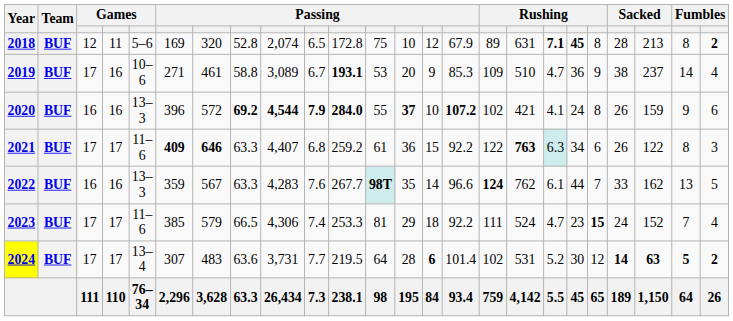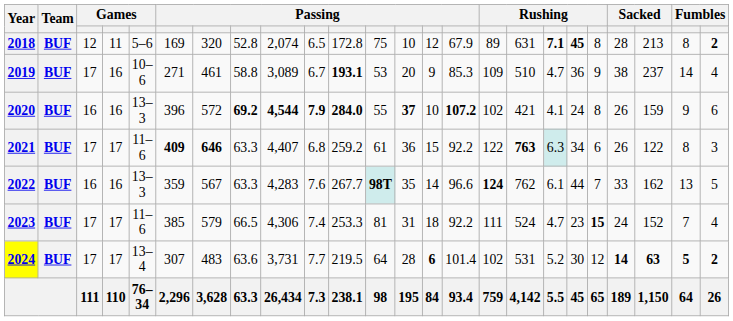 <table class="wikitable" style="text-align:center;">
 <tr>
 <th rowspan="2">Year</th>
 <th rowspan="2">Team</th>
 <th colspan="3">Games</th>
 <th colspan="10">Passing</th>
 <th colspan="5">Rushing</th>
 <th colspan="2">Sacked</th>
 <th colspan="2">Fumbles</th>
 </tr>
 <tr>
 <th></th>
 <th></th>
 <th></th>
 <th></th>
 <th></th>
 <th></th>
 <th></th>
 <th></th>
 <th></th>
 <th></th>
 <th></th>
 <th></th>
 <th></th>
 <th></th>
 <th></th>
 <th></th>
 <th></th>
 <th></th>
 <th></th>
 <th></th>
 <th></th>
 <th></th>
 </tr>
 <tr>
 <th><a href='#'>2018</a></th>
 <th><a href='#'>BUF</a></th>
 <td>12</td>
 <td>11</td>
 <td>5–6</td>
 <td>169</td>
 <td>320</td>
 <td>52.8</td>
 <td>2,074</td>
 <td>6.5</td>
 <td>172.8</td>
 <td>75</td>
 <td>10</td>
 <td>12</td>
 <td>67.9</td>
 <td>89</td>
 <td>631</td>
 <td><strong>7.1</strong></td>
 <td><strong>45</strong></td>
 <td>8</td>
 <td>28</td>
 <td>213</td>
 <td>8</td>
 <td><strong>2</strong></td>
 </tr>
 <tr>
 <th><a href='#'>2019</a></th>
 <th><a href='#'>BUF</a></th>
 <td>17</td>
 <td>16</td>
 <td>10–6</td>
 <td>271</td>
 <td>461</td>
 <td>58.8</td>
 <td>3,089</td>
 <td>6.7</td>
 <td><strong>193.1</strong></td>
 <td>53</td>
 <td>20</td>
 <td>9</td>
 <td>85.3</td>
 <td>109</td>
 <td>510</td>
 <td>4.7</td>
 <td>36</td>
 <td>9</td>
 <td>38</td>
 <td>237</td>
 <td>14</td>
 <td>4</td>
 </tr>
 <tr>
 <th><a href='#'>2020</a></th>
 <th><a href='#'>BUF</a></th>
 <td>16</td>
 <td>16</td>
 <td>13–3</td>
 <td>396</td>
 <td>572</td>
 <td><strong>69.2</strong></td>
 <td><strong>4,544</strong></td>
 <td><strong>7.9</strong></td>
 <td><strong>284.0</strong></td>
 <td>55</td>
 <td><strong>37</strong></td>
 <td>10</td>
 <td><strong>107.2</strong></td>
 <td>102</td>
 <td>421</td>
 <td>4.1</td>
 <td>24</td>
 <td>8</td>
 <td>26</td>
 <td>159</td>
 <td>9</td>
 <td>6</td>
 </tr>
 <tr>
 <th><a href='#'>2021</a></th>
 <th><a href='#'>BUF</a></th>
 <td>17</td>
 <td>17</td>
 <td>11–6</td>
 <td><strong>409</strong></td>
 <td><strong>646</strong></td>
 <td>63.3</td>
 <td>4,407</td>
 <td>6.8</td>
 <td>259.2</td>
 <td>61</td>
 <td>36</td>
 <td>15</td>
 <td>92.2</td>
 <td>122</td>
 <td><strong>763</strong></td>
 <td style="background:#cfecec;">6.3</td>
 <td>34</td>
 <td>6</td>
 <td>26</td>
 <td>122</td>
 <td>8</td>
 <td>3</td>
 </tr>
 <tr>
 <th><a href='#'>2022</a></th>
 <th><a href='#'>BUF</a></th>
 <td>16</td>
 <td>16</td>
 <td>13–3</td>
 <td>359</td>
 <td>567</td>
 <td>63.3</td>
 <td>4,283</td>
 <td>7.6</td>
 <td>267.7</td>
 <td style="background:#cfecec;"><strong>98T</strong></td>
 <td>35</td>
 <td>14</td>
 <td>96.6</td>
 <td><strong>124</strong></td>
 <td>762</td>
 <td>6.1</td>
 <td>44</td>
 <td>7</td>
 <td>33</td>
 <td>162</td>
 <td>13</td>
 <td>5</td>
 </tr>
 <tr>
 <th><a href='#'>2023</a></th>
 <th><a href='#'>BUF</a></th>
 <td>17</td>
 <td>17</td>
 <td>11–6</td>
 <td>385</td>
 <td>579</td>
 <td>66.5</td>
 <td>4,306</td>
 <td>7.4</td>
 <td>253.3</td>
 <td>81</td>
-<td>29</td>
+<td>31</td>
 <td>18</td>
 <td>92.2</td>
 <td>111</td>
 <td>524</td>
 <td>4.7</td>
 <td>23</td>
 <td><strong>15</strong></td>
 <td>24</td>
 <td>152</td>
 <td>7</td>
 <td>4</td>
 </tr>
 <tr>
 <th style="background:#ff0;"><a href='#'>2024</a></th>
 <th><a href='#'>BUF</a></th>
 <td>17</td>
 <td>17</td>
 <td>13–4</td>
 <td>307</td>
 <td>483</td>
 <td>63.6</td>
 <td>3,731</td>
 <td>7.7</td>
 <td>219.5</td>
 <td>64</td>
 <td>28</td>
 <td><strong>6</strong></td>
 <td>101.4</td>
 <td>102</td>
 <td>531</td>
 <td>5.2</td>
 <td>30</td>
 <td>12</td>
 <td><strong>14</strong></td>
 <td><strong>63</strong></td>
 <td><strong>5</strong></td>
 <td><strong>2</strong></td>
 </tr>
 <tr>
 <th colspan="2"></th>
 <th>111</th>
 <th>110</th>
 <th>76–34</th>
 <th>2,296</th>
 <th>3,628</th>
 <th>63.3</th>
 <th>26,434</th>
 <th>7.3</th>
 <th>238.1</th>
 <th>98</th>
 <th>195</th>
 <th>84</th>
 <th>93.4</th>
 <th>759</th>
 <th>4,142</th>
 <th>5.5</th>
 <th>45</th>
 <th>65</th>
 <th>189</th>
 <th>1,150</th>
 <th>64</th>
 <th>26</th>
 </tr>
 </table>
